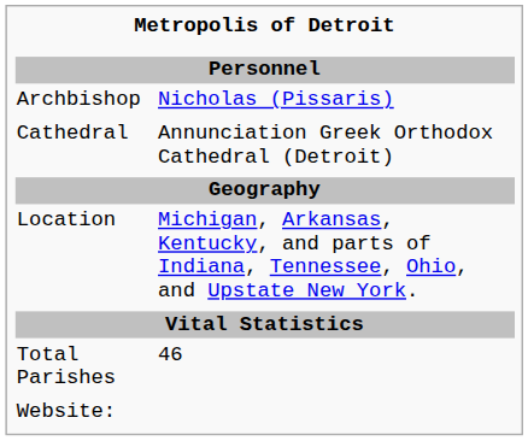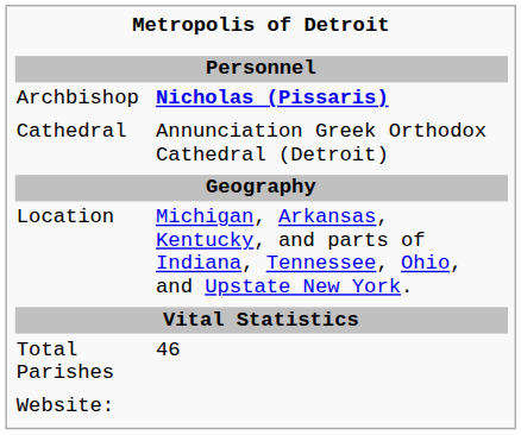 <table class ="infobox" style="width: 25em; text-align: left; font-size: 95%;">
 <tr align=center>
 <th colspan=2><strong>Metropolis of Detroit</strong></th>
 </tr>
 <tr align=center>
 <th colspan=2></th>
 </tr>
 <tr>
 <th colspan=2></th>
 </tr>
 <tr ---- align=center bgcolor="c0c0c0">
 <th colspan=2><strong>Personnel</strong></th>
 </tr>
 <tr ---->
 <td>Archbishop</td>
-<td><a href='#'>Nicholas (Pissaris)</a></td>
+<td><strong><a href='#'>Nicholas (Pissaris)</a></strong></td>
 </tr>
 <tr>
 </tr>
 <tr>
 <td>Cathedral</td>
 <td>Annunciation Greek Orthodox Cathedral (Detroit)</td>
 </tr>
 <tr>
 </tr>
 <tr ---- align=center bgcolor="c0c0c0">
 <th colspan=2><strong>Geography</strong></th>
 </tr>
 <tr>
 <td>Location</td>
 <td><a href='#'>Michigan</a>, <a href='#'>Arkansas</a>, <a href='#'>Kentucky</a>, and parts of <a href='#'>Indiana</a>, <a href='#'>Tennessee</a>, <a href='#'>Ohio</a>, and <a href='#'>Upstate New York</a>.</td>
 </tr>
 <tr>
 </tr>
 <tr ---- align=center bgcolor="c0c0c0">
 <th colspan=2><strong>Vital Statistics</strong></th>
 </tr>
 <tr>
 <td>Total Parishes</td>
 <td>46</td>
 </tr>
 <tr>
 </tr>
 <tr>
 <td>Website:</td>
 <td></td>
 </tr>
 </table>
